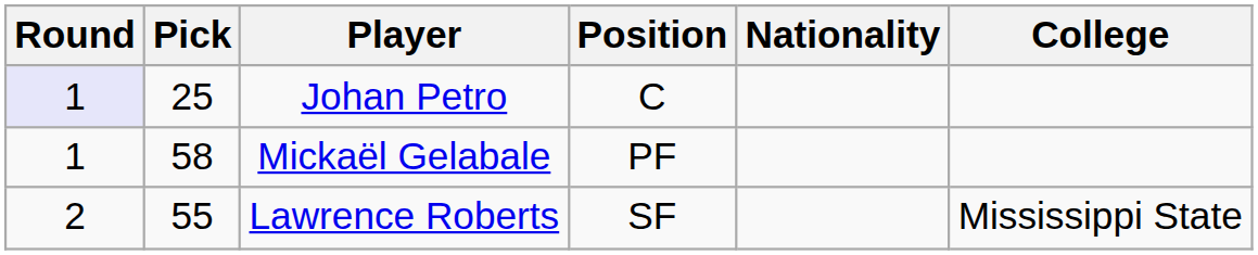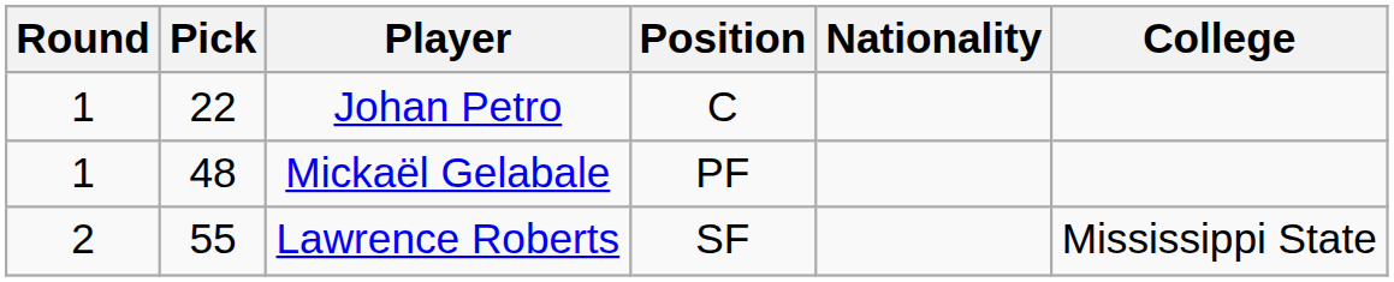 <table class="wikitable sortable sortable">
 <tr>
 <th>Round</th>
 <th>Pick</th>
 <th>Player</th>
 <th>Position</th>
 <th>Nationality</th>
 <th>College</th>
 </tr>
 <tr style="text-align: center">
-<td style="background: lavender;">1</td>
-<td>25</td>
+<td>1</td>
+<td>22</td>
 <td><a href='#'>Johan Petro</a></td>
 <td>C</td>
 <td></td>
 <td></td>
 </tr>
 <tr style="text-align: center">
 <td>1</td>
-<td>58</td>
+<td>48</td>
 <td><a href='#'>Mickaël Gelabale</a></td>
 <td>PF</td>
 <td></td>
 <td></td>
 </tr>
 <tr style="text-align: center">
 <td>2</td>
 <td>55</td>
 <td><a href='#'>Lawrence Roberts</a></td>
 <td>SF</td>
 <td></td>
 <td>Mississippi State</td>
 </tr>
 </table>
